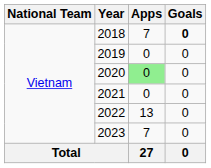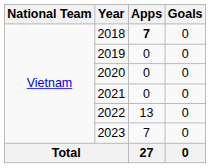 <table class="wikitable" style="text-align:center">
 <tr>
 <th>National Team</th>
 <th>Year</th>
 <th>Apps</th>
 <th>Goals</th>
 </tr>
 <tr>
 <td rowspan="6"><a href='#'>Vietnam</a></td>
 <td>2018</td>
-<td>7</td>
-<td><strong>0</strong></td>
+<td><strong>7</strong></td>
+<td>0</td>
 </tr>
 <tr>
 <td>2019</td>
 <td>0</td>
 <td>0</td>
 </tr>
 <tr>
 <td>2020</td>
-<td style="background: lightgreen;">0</td>
+<td>0</td>
 <td>0</td>
 </tr>
 <tr>
 <td>2021</td>
 <td>0</td>
 <td>0</td>
 </tr>
 <tr>
 <td>2022</td>
 <td>13</td>
 <td>0</td>
 </tr>
 <tr>
 <td>2023</td>
 <td>7</td>
 <td>0</td>
 </tr>
 <tr>
 <th colspan=2>Total</th>
 <th>27</th>
 <th>0</th>
 </tr>
 </table>
